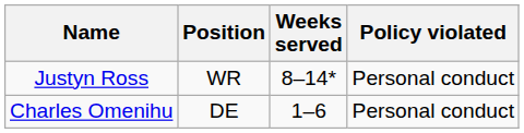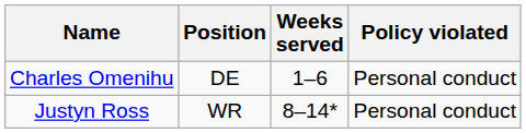 <table class="wikitable sortable" style="text-align:center">
 <tr>
 <th>Name</th>
 <th>Position</th>
 <th>Weeks<br>served</th>
 <th>Policy violated</th>
 </tr>
 <tr>
+<td><a href='#'>Charles Omenihu</a></td>
+<td>DE</td>
+<td>1–6</td>
+<td>Personal conduct</td>
+</tr>
+<tr>
 <td><a href='#'>Justyn Ross</a></td>
 <td>WR</td>
 <td>8–14*</td>
 <td>Personal conduct</td>
 </tr>
-<tr>
-<td><a href='#'>Charles Omenihu</a></td>
-<td>DE</td>
-<td>1–6</td>
-<td>Personal conduct</td>
-</tr>
 </table>
